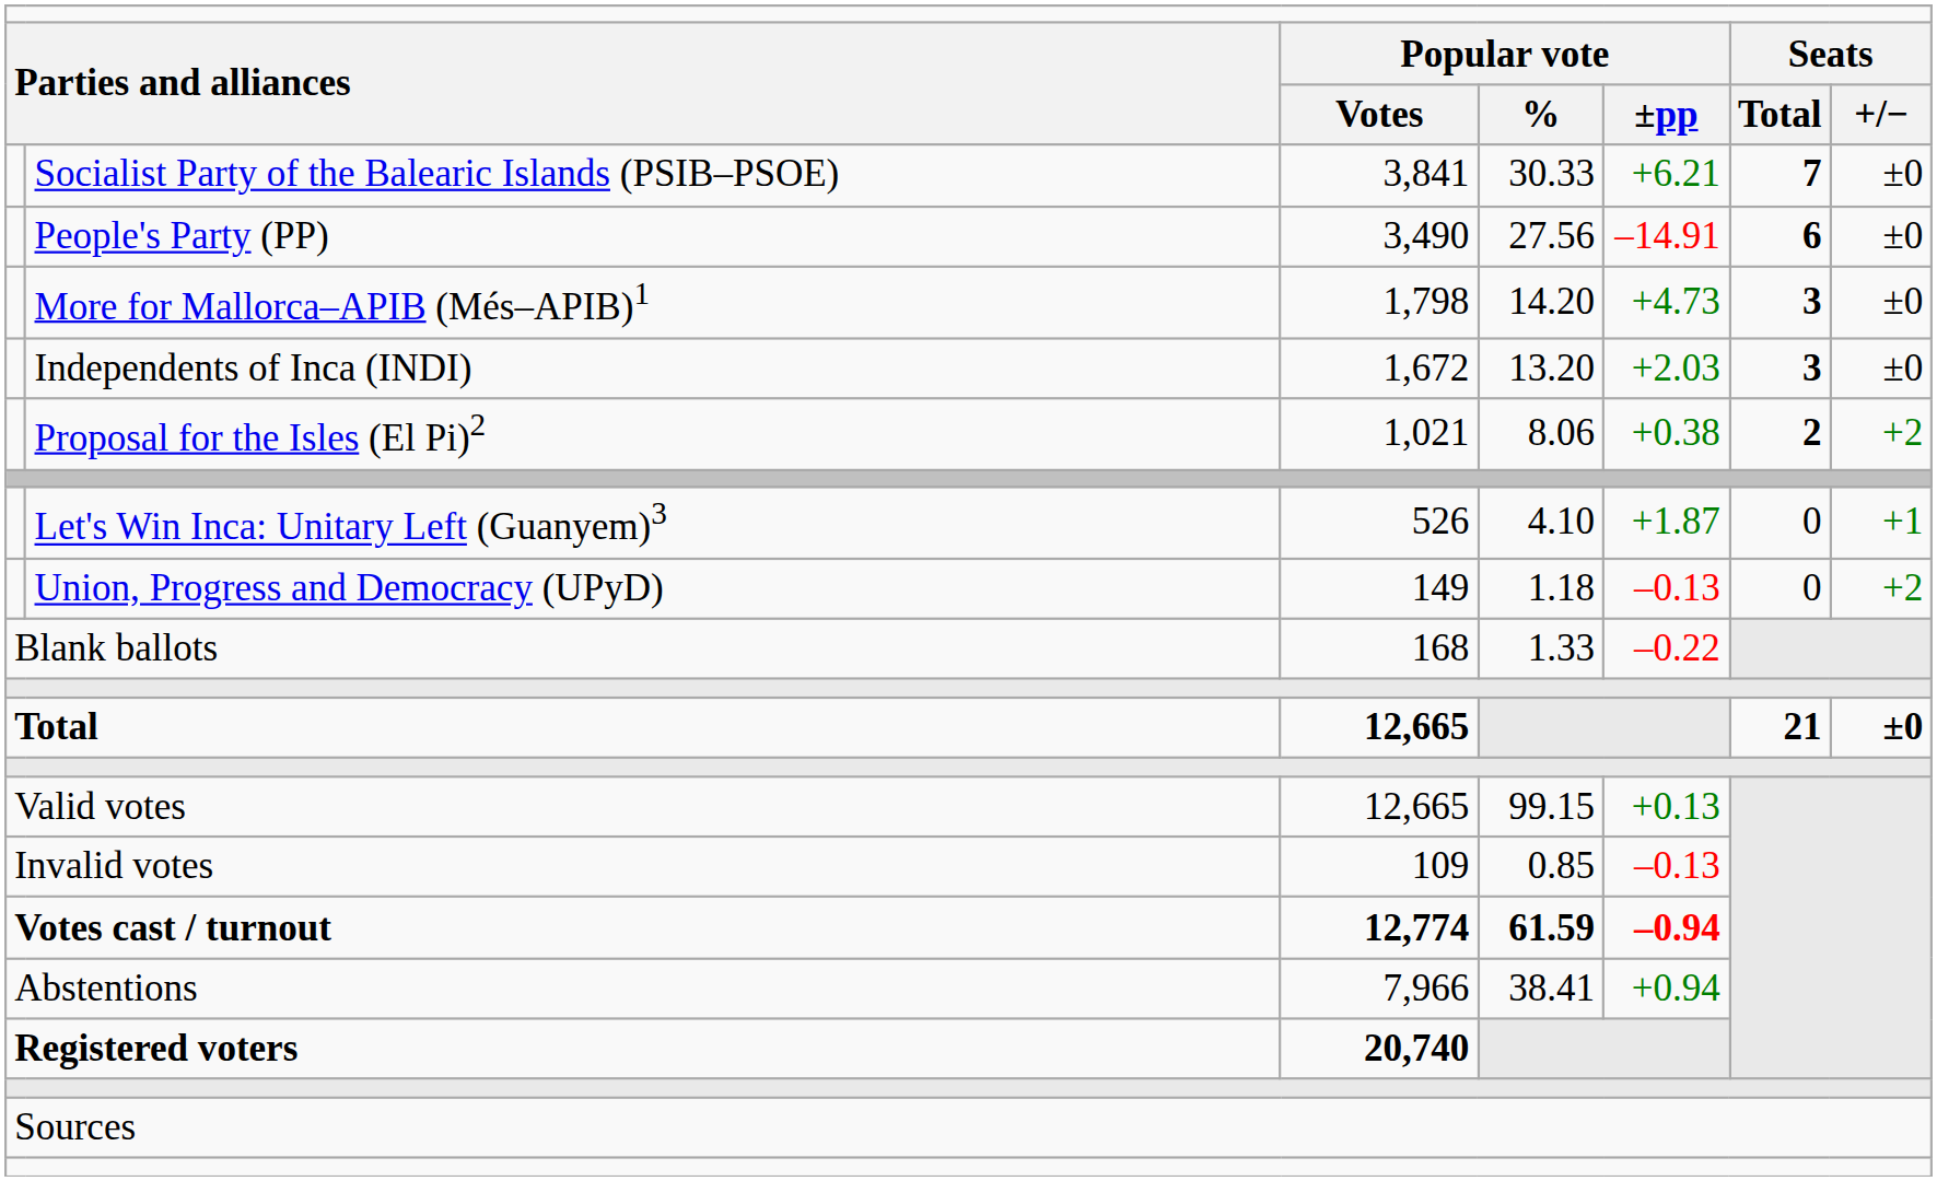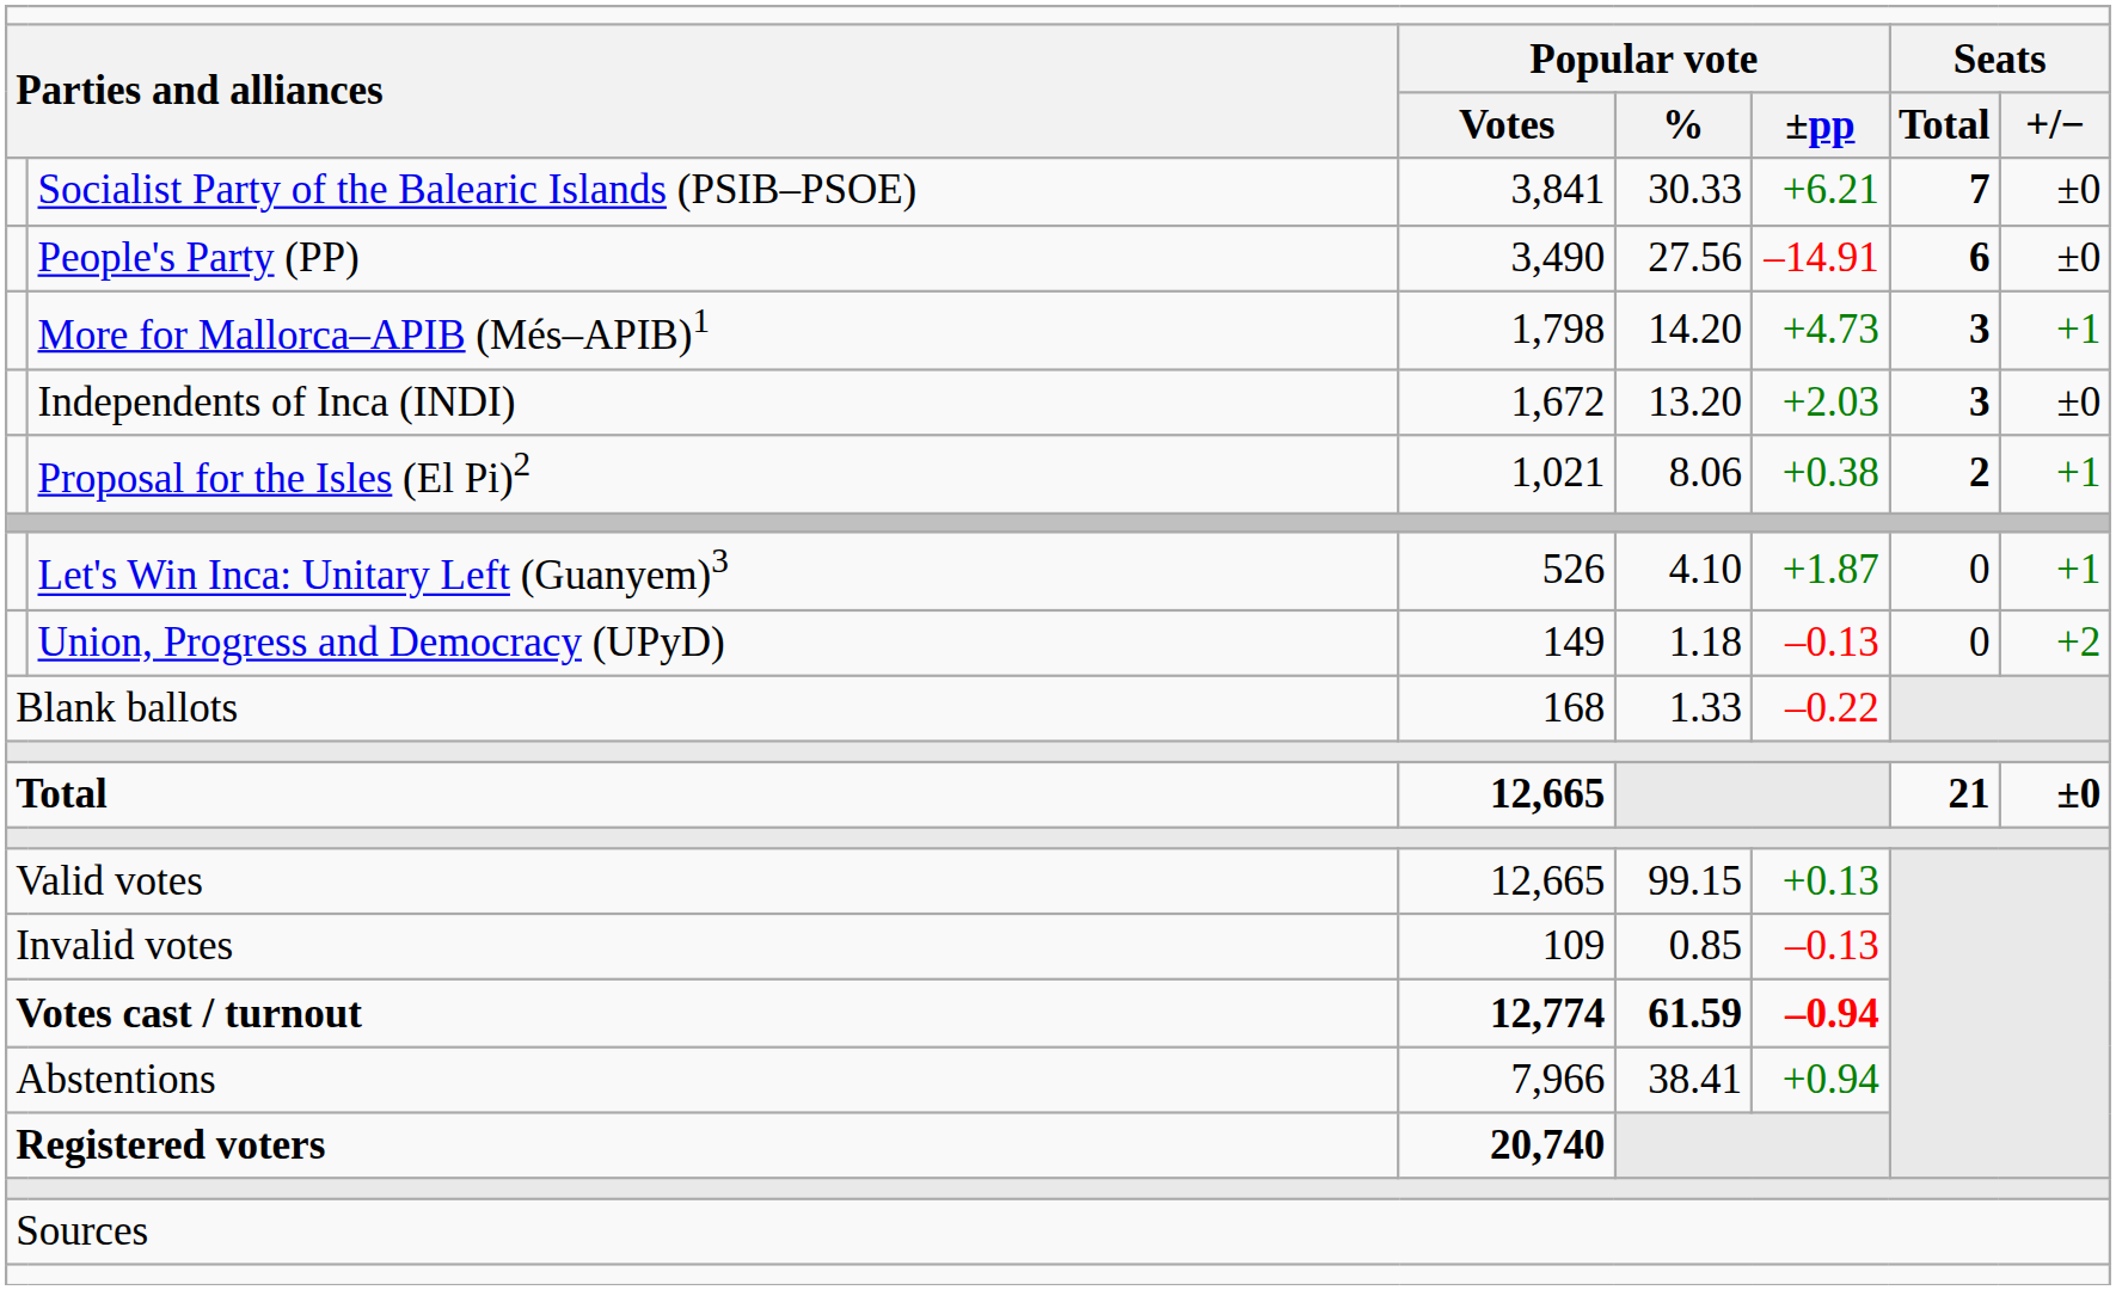 <table class="wikitable" style="text-align:right;">
 <tr>
 <td colspan="7"></td>
 </tr>
 <tr>
 <th style="text-align:left;" rowspan="2" colspan="2" width="525">Parties and alliances</th>
 <th colspan="3">Popular vote</th>
 <th colspan="2">Seats</th>
 </tr>
 <tr>
 <th width="75">Votes</th>
 <th width="45">%</th>
 <th width="45">±<a href='#'>pp</a></th>
 <th width="35">Total</th>
 <th width="35">+/−</th>
 </tr>
 <tr>
 <td width="1" style="color:inherit;background:"></td>
 <td align="left"><a href='#'>Socialist Party of the Balearic Islands</a> (PSIB–PSOE)</td>
 <td>3,841</td>
 <td>30.33</td>
 <td style="color:green;">+6.21</td>
 <td><strong>7</strong></td>
 <td>±0</td>
 </tr>
 <tr>
 <td style="color:inherit;background:"></td>
 <td align="left"><a href='#'>People's Party</a> (PP)</td>
 <td>3,490</td>
 <td>27.56</td>
 <td style="color:red;">–14.91</td>
 <td><strong>6</strong></td>
 <td>±0</td>
 </tr>
 <tr>
 <td style="color:inherit;background:"></td>
 <td align="left"><a href='#'>More for Mallorca–APIB</a> (Més–APIB)<sup>1</sup></td>
 <td>1,798</td>
 <td>14.20</td>
 <td style="color:green;">+4.73</td>
 <td><strong>3</strong></td>
-<td>±0</td>
+<td style="color:green;">+1</td>
 </tr>
 <tr>
 <td style="color:inherit;background:"></td>
 <td align="left">Independents of Inca (INDI)</td>
 <td>1,672</td>
 <td>13.20</td>
 <td style="color:green;">+2.03</td>
 <td><strong>3</strong></td>
 <td>±0</td>
 </tr>
 <tr>
 <td style="color:inherit;background:"></td>
 <td align="left"><a href='#'>Proposal for the Isles</a> (El Pi)<sup>2</sup></td>
 <td>1,021</td>
 <td>8.06</td>
 <td style="color:green;">+0.38</td>
 <td><strong>2</strong></td>
-<td style="color:green;">+2</td>
+<td style="color:green;">+1</td>
 </tr>
 <tr>
 <td colspan="7" bgcolor="#C0C0C0"></td>
 </tr>
 <tr>
 <td style="color:inherit;background:"></td>
 <td align="left"><a href='#'>Let's Win Inca: Unitary Left</a> (Guanyem)<sup>3</sup></td>
 <td>526</td>
 <td>4.10</td>
 <td style="color:green;">+1.87</td>
 <td>0</td>
 <td style="color:green;">+1</td>
 </tr>
 <tr>
 <td style="color:inherit;background:"></td>
 <td align="left"><a href='#'>Union, Progress and Democracy</a> (UPyD)</td>
 <td>149</td>
 <td>1.18</td>
 <td style="color:red;">–0.13</td>
 <td>0</td>
 <td style="color:green;">+2</td>
 </tr>
 <tr>
 <td align="left" colspan="2">Blank ballots</td>
 <td>168</td>
 <td>1.33</td>
 <td style="color:red;">–0.22</td>
 <td bgcolor="#E9E9E9" colspan="2"></td>
 </tr>
 <tr>
 <td colspan="7" bgcolor="#E9E9E9"></td>
 </tr>
 <tr style="font-weight:bold;">
 <td align="left" colspan="2">Total</td>
 <td>12,665</td>
 <td bgcolor="#E9E9E9" colspan="2"></td>
 <td>21</td>
 <td>±0</td>
 </tr>
 <tr>
 <td colspan="7" bgcolor="#E9E9E9"></td>
 </tr>
 <tr>
 <td align="left" colspan="2">Valid votes</td>
 <td>12,665</td>
 <td>99.15</td>
 <td style="color:green;">+0.13</td>
 <td bgcolor="#E9E9E9" colspan="2" rowspan="5"></td>
 </tr>
 <tr>
 <td align="left" colspan="2">Invalid votes</td>
 <td>109</td>
 <td>0.85</td>
 <td style="color:red;">–0.13</td>
 </tr>
 <tr style="font-weight:bold;">
 <td align="left" colspan="2">Votes cast / turnout</td>
 <td>12,774</td>
 <td>61.59</td>
 <td style="color:red;">–0.94</td>
 </tr>
 <tr>
 <td align="left" colspan="2">Abstentions</td>
 <td>7,966</td>
 <td>38.41</td>
 <td style="color:green;">+0.94</td>
 </tr>
 <tr style="font-weight:bold;">
 <td align="left" colspan="2">Registered voters</td>
 <td>20,740</td>
 <td bgcolor="#E9E9E9" colspan="2"></td>
 </tr>
 <tr>
 <td colspan="7" bgcolor="#E9E9E9"></td>
 </tr>
 <tr>
 <td align="left" colspan="7">Sources</td>
 </tr>
 <tr>
 <td colspan="7" style="text-align:left; max-width:790px;"></td>
 </tr>
 </table>
